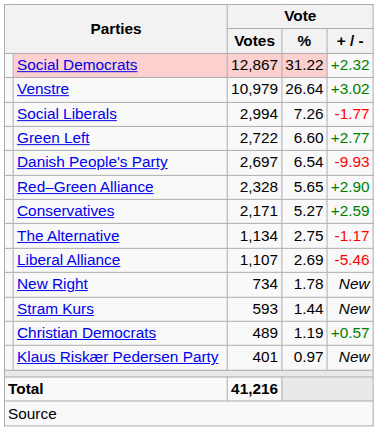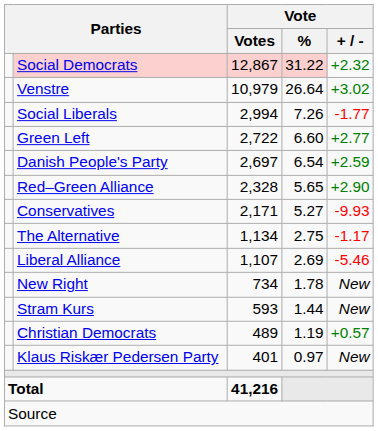 <table class="wikitable" style="text-align:right;">
 <tr>
 <th style="text-align:centre;" rowspan="2" colspan="2" width="225">Parties</th>
 <th colspan="3">Vote</th>
 </tr>
 <tr>
 <th width="15">Votes</th>
 <th width="15">%</th>
 <th width="15">+ / -</th>
 </tr>
 <tr>
 <td width="2" style="color:inherit;background:"></td>
 <td bgcolor=#fbd0ce  align="left"><a href='#'>Social Democrats</a></td>
 <td bgcolor=#fbd0ce>12,867</td>
 <td bgcolor=#fbd0ce>31.22</td>
 <td style=color:green;>+2.32</td>
 </tr>
 <tr>
 <td width="2" style="color:inherit;background:"></td>
 <td align="left"><a href='#'>Venstre</a></td>
 <td>10,979</td>
 <td>26.64</td>
 <td style=color:green;>+3.02</td>
 </tr>
 <tr>
 <td width="2" style="color:inherit;background:"></td>
 <td align="left"><a href='#'>Social Liberals</a></td>
 <td>2,994</td>
 <td>7.26</td>
 <td style=color:red;>-1.77</td>
 </tr>
 <tr>
 <td width="2" style="color:inherit;background:"></td>
 <td align="left"><a href='#'>Green Left</a></td>
 <td>2,722</td>
 <td>6.60</td>
 <td style=color:green;>+2.77</td>
 </tr>
 <tr>
 <td width="2" style="color:inherit;background:"></td>
 <td align="left"><a href='#'>Danish People's Party</a></td>
 <td>2,697</td>
 <td>6.54</td>
-<td style=color:red;>-9.93</td>
+<td style=color:green;>+2.59</td>
 </tr>
 <tr>
 <td width="2" style="color:inherit;background:"></td>
 <td align="left"><a href='#'>Red–Green Alliance</a></td>
 <td>2,328</td>
 <td>5.65</td>
 <td style=color:green;>+2.90</td>
 </tr>
 <tr>
 <td width="2" style="color:inherit;background:"></td>
 <td align="left"><a href='#'>Conservatives</a></td>
 <td>2,171</td>
 <td>5.27</td>
-<td style=color:green;>+2.59</td>
+<td style=color:red;>-9.93</td>
 </tr>
 <tr>
 <td width="2" style="color:inherit;background:"></td>
 <td align="left"><a href='#'>The Alternative</a></td>
 <td>1,134</td>
 <td>2.75</td>
 <td style=color:red;>-1.17</td>
 </tr>
 <tr>
 <td width="2" style="color:inherit;background:"></td>
 <td align="left"><a href='#'>Liberal Alliance</a></td>
 <td>1,107</td>
 <td>2.69</td>
 <td style=color:red;>-5.46</td>
 </tr>
 <tr>
 <td width="2" style="color:inherit;background:"></td>
 <td align="left"><a href='#'>New Right</a></td>
 <td>734</td>
 <td>1.78</td>
 <td><em>New</em></td>
 </tr>
 <tr>
 <td width="2" style="color:inherit;background:"></td>
 <td align="left"><a href='#'>Stram Kurs</a></td>
 <td>593</td>
 <td>1.44</td>
 <td><em>New</em></td>
 </tr>
 <tr>
 <td width="2" style="color:inherit;background:"></td>
 <td align="left"><a href='#'>Christian Democrats</a></td>
 <td>489</td>
 <td>1.19</td>
 <td style=color:green;>+0.57</td>
 </tr>
 <tr>
 <td width="2" style="color:inherit;background:"></td>
 <td align="left"><a href='#'>Klaus Riskær Pedersen Party</a></td>
 <td>401</td>
 <td>0.97</td>
 <td><em>New</em></td>
 </tr>
 <tr>
 <td colspan="7" bgcolor="#E9E9E9"></td>
 </tr>
 <tr>
 <td align="left" colspan="2"><strong>Total</strong></td>
 <td><strong>41,216</strong></td>
 <td bgcolor="#E9E9E9" colspan="2"></td>
 </tr>
 <tr>
 <td align="left" colspan="6">Source</td>
 </tr>
 </table>
